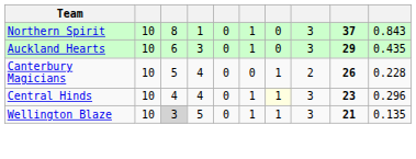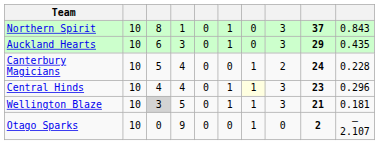 <table class="wikitable" style="text-align:center">
 <tr>
 <th width="150">Team</th>
 <th width="25"></th>
 <th width="25"></th>
 <th width="25"></th>
 <th width="25"></th>
 <th width="25"></th>
 <th width="25"></th>
 <th width="40"></th>
 <th width="40"></th>
 <th width="45"></th>
 </tr>
 <tr style="background:#cfc">
 <td style="text-align:left"><a href='#'>Northern Spirit</a></td>
 <td>10</td>
 <td>8</td>
 <td>1</td>
 <td>0</td>
 <td>1</td>
 <td>0</td>
 <td>3</td>
 <td><strong>37</strong></td>
 <td>0.843</td>
 </tr>
 <tr style="background:#cfc">
 <td style="text-align:left"><a href='#'>Auckland Hearts</a></td>
 <td>10</td>
 <td>6</td>
 <td>3</td>
 <td>0</td>
 <td>1</td>
 <td>0</td>
 <td>3</td>
 <td><strong>29</strong></td>
 <td>0.435</td>
 </tr>
 <tr>
 <td style="text-align:left"><a href='#'>Canterbury Magicians</a></td>
 <td>10</td>
 <td>5</td>
 <td>4</td>
 <td>0</td>
 <td>0</td>
 <td>1</td>
 <td>2</td>
-<td><strong>26</strong></td>
+<td><strong>24</strong></td>
 <td>0.228</td>
 </tr>
 <tr>
 <td style="text-align:left"><a href='#'>Central Hinds</a></td>
 <td>10</td>
 <td>4</td>
 <td>4</td>
 <td>0</td>
 <td>1</td>
 <td style="background: lightyellow;">1</td>
 <td>3</td>
 <td><strong>23</strong></td>
 <td>0.296</td>
 </tr>
 <tr>
 <td style="text-align:left"><a href='#'>Wellington Blaze</a></td>
 <td>10</td>
 <td style="background: lightgrey;">3</td>
 <td>5</td>
 <td>0</td>
 <td>1</td>
 <td>1</td>
 <td>3</td>
 <td><strong>21</strong></td>
-<td>0.135</td>
+<td>0.181</td>
+</tr>
+<tr>
+<td style="text-align:left"><a href='#'>Otago Sparks</a></td>
+<td>10</td>
+<td>0</td>
+<td>9</td>
+<td>0</td>
+<td>0</td>
+<td>1</td>
+<td>0</td>
+<td><strong>2</strong></td>
+<td>–2.107</td>
 </tr>
 </table>
